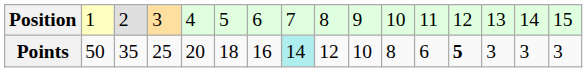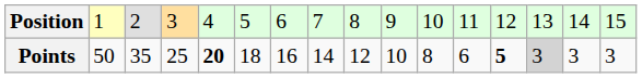 <table class="wikitable">
 <tr>
 <th scope="row">Position</th>
 <td width="20" bgcolor="#ffffbf">1</td>
 <td width="20" bgcolor="#dfdfdf">2</td>
 <td width="20" bgcolor="#ffdf9f">3</td>
 <td width="20" bgcolor="#dfffdf">4</td>
 <td width="20" bgcolor="#dfffdf">5</td>
 <td width="20" bgcolor="#dfffdf">6</td>
 <td width="20" bgcolor="#dfffdf">7</td>
 <td width="20" bgcolor="#dfffdf">8</td>
 <td width="20" bgcolor="#dfffdf">9</td>
 <td width="20" bgcolor="#dfffdf">10</td>
 <td width="20" bgcolor="#dfffdf">11</td>
 <td width="20" bgcolor="#dfffdf">12</td>
 <td width="20" bgcolor="#dfffdf">13</td>
 <td width="20" bgcolor="#dfffdf">14</td>
 <td width="20" bgcolor="#dfffdf">15</td>
 </tr>
 <tr>
 <th scope="row">Points</th>
 <td>50</td>
 <td>35</td>
 <td>25</td>
-<td>20</td>
+<td><strong>20</strong></td>
 <td>18</td>
 <td>16</td>
-<td style="background: paleturquoise;">14</td>
+<td>14</td>
 <td>12</td>
 <td>10</td>
 <td>8</td>
 <td>6</td>
 <td><strong>5</strong></td>
-<td>3</td>
+<td style="background: lightgrey;">3</td>
 <td>3</td>
 <td>3</td>
 </tr>
 </table>
